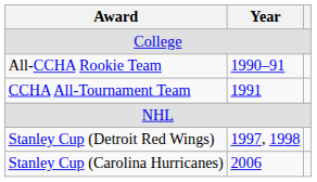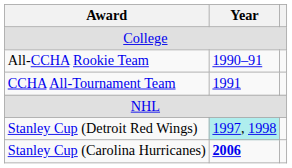 <table class="wikitable">
 <tr>
 <th>Award</th>
 <th>Year</th>
 <th></th>
 </tr>
 <tr ALIGN="center" bgcolor="#e0e0e0">
 <td colspan="3"><a href='#'>College</a></td>
 </tr>
 <tr>
 <td>All-<a href='#'>CCHA</a> <a href='#'>Rookie Team</a></td>
 <td><a href='#'>1990–91</a></td>
 <td></td>
 </tr>
 <tr>
 <td><a href='#'>CCHA</a> <a href='#'>All-Tournament Team</a></td>
 <td><a href='#'>1991</a></td>
 <td></td>
 </tr>
 <tr ALIGN="center" bgcolor="#e0e0e0">
 <td colspan="3"><a href='#'>NHL</a></td>
 </tr>
 <tr>
 <td><a href='#'>Stanley Cup</a> (Detroit Red Wings)</td>
-<td><a href='#'>1997</a>, <a href='#'>1998</a></td>
+<td style="background: paleturquoise;"><a href='#'>1997</a>, <a href='#'>1998</a></td>
 <td></td>
 </tr>
 <tr>
 <td><a href='#'>Stanley Cup</a> (Carolina Hurricanes)</td>
-<td><a href='#'>2006</a></td>
+<td><strong><a href='#'>2006</a></strong></td>
 <td></td>
 </tr>
 </table>
